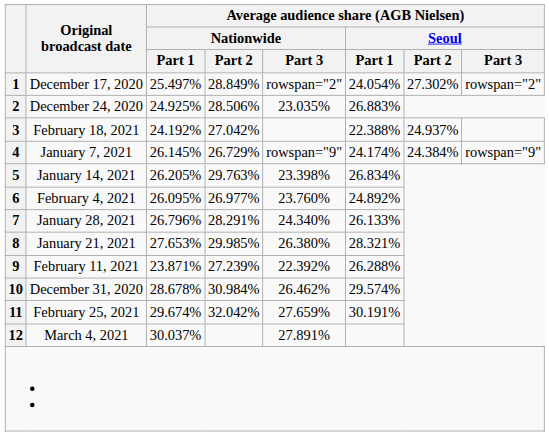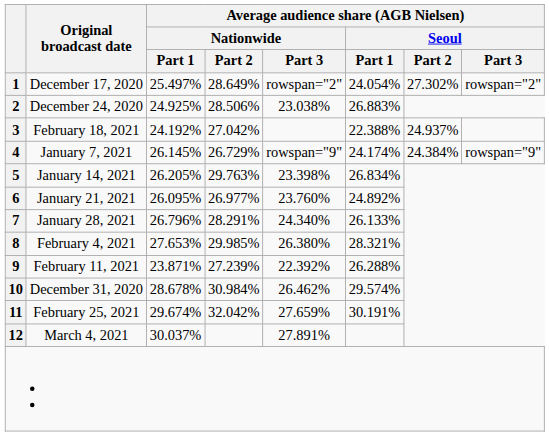 <table class="wikitable" style="text-align:center;max-width:600px; margin-left: auto; margin-right: auto; border: none;">
 <tr>
 </tr>
 <tr>
 <th rowspan=3></th>
 <th rowspan=3>Original broadcast date</th>
 <th colspan=6>Average audience share (AGB Nielsen)</th>
 </tr>
 <tr>
 <th colspan=3>Nationwide</th>
 <th colspan=3><a href='#'>Seoul</a></th>
 </tr>
 <tr>
 <th>Part 1</th>
 <th>Part 2</th>
 <th>Part 3</th>
 <th>Part 1</th>
 <th>Part 2</th>
 <th>Part 3</th>
 </tr>
 <tr>
 <th>1</th>
 <td>December 17, 2020</td>
 <td>25.497%</td>
-<td>28.849%</td>
+<td>28.649%</td>
 <td>rowspan="2" </td>
 <td>24.054%</td>
 <td>27.302%</td>
 <td>rowspan="2" </td>
 </tr>
 <tr>
 <th>2</th>
 <td>December 24, 2020</td>
 <td>24.925%</td>
 <td>28.506%</td>
-<td>23.035%</td>
+<td>23.038%</td>
 <td>26.883%</td>
 </tr>
 <tr>
 <th>3</th>
 <td>February 18, 2021</td>
 <td>24.192%</td>
 <td>27.042%</td>
 <td></td>
 <td>22.388%</td>
 <td>24.937%</td>
 <td></td>
 </tr>
 <tr>
 <th>4</th>
 <td>January 7, 2021</td>
 <td>26.145%</td>
 <td>26.729%</td>
 <td>rowspan="9" </td>
 <td>24.174%</td>
 <td>24.384%</td>
 <td>rowspan="9" </td>
 </tr>
 <tr>
 <th>5</th>
 <td>January 14, 2021</td>
 <td>26.205%</td>
 <td>29.763%</td>
 <td>23.398%</td>
 <td>26.834%</td>
 </tr>
 <tr>
 <th>6</th>
-<td>February 4, 2021</td>
+<td>January 21, 2021</td>
 <td>26.095%</td>
 <td>26.977%</td>
 <td>23.760%</td>
 <td>24.892%</td>
 </tr>
 <tr>
 <th>7</th>
 <td>January 28, 2021</td>
 <td>26.796%</td>
 <td>28.291%</td>
 <td>24.340%</td>
 <td>26.133%</td>
 </tr>
 <tr>
 <th>8</th>
-<td>January 21, 2021</td>
+<td>February 4, 2021</td>
 <td>27.653%</td>
 <td>29.985%</td>
 <td>26.380%</td>
 <td>28.321%</td>
 </tr>
 <tr>
 <th>9</th>
 <td>February 11, 2021</td>
 <td>23.871%</td>
 <td>27.239%</td>
 <td>22.392%</td>
 <td>26.288%</td>
 </tr>
 <tr>
 <th>10</th>
 <td>December 31, 2020</td>
 <td>28.678%</td>
 <td>30.984%</td>
 <td>26.462%</td>
 <td>29.574%</td>
 </tr>
 <tr>
 <th>11</th>
 <td>February 25, 2021</td>
 <td>29.674%</td>
 <td>32.042%</td>
 <td>27.659%</td>
 <td>30.191%</td>
 </tr>
 <tr>
 <th>12</th>
 <td>March 4, 2021</td>
 <td>30.037%</td>
 <td></td>
 <td>27.891%</td>
 <td></td>
 </tr>
 <tr>
 <td colspan="8"><br><ul><li></li><li></li></ul></td>
 </tr>
 </table>
